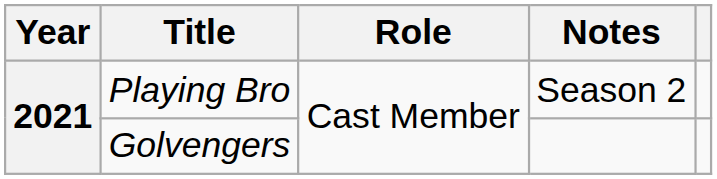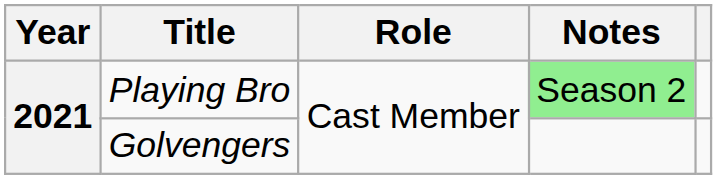 <table class="wikitable sortable plainrowheaders">
 <tr>
 <th scope="col">Year</th>
 <th scope="col">Title</th>
 <th scope="col">Role</th>
 <th scope="col">Notes</th>
 <th scope="col" class="unsortable"></th>
 </tr>
 <tr>
 <th scope="row" rowspan="4">2021</th>
 <td><em>Playing Bro</em></td>
 <td rowspan="2">Cast Member</td>
-<td>Season 2</td>
+<td style="background: lightgreen;">Season 2</td>
 <td></td>
 </tr>
 <tr>
 <td><em>Golvengers</em></td>
 <td></td>
 <td></td>
 </tr>
 </table>
